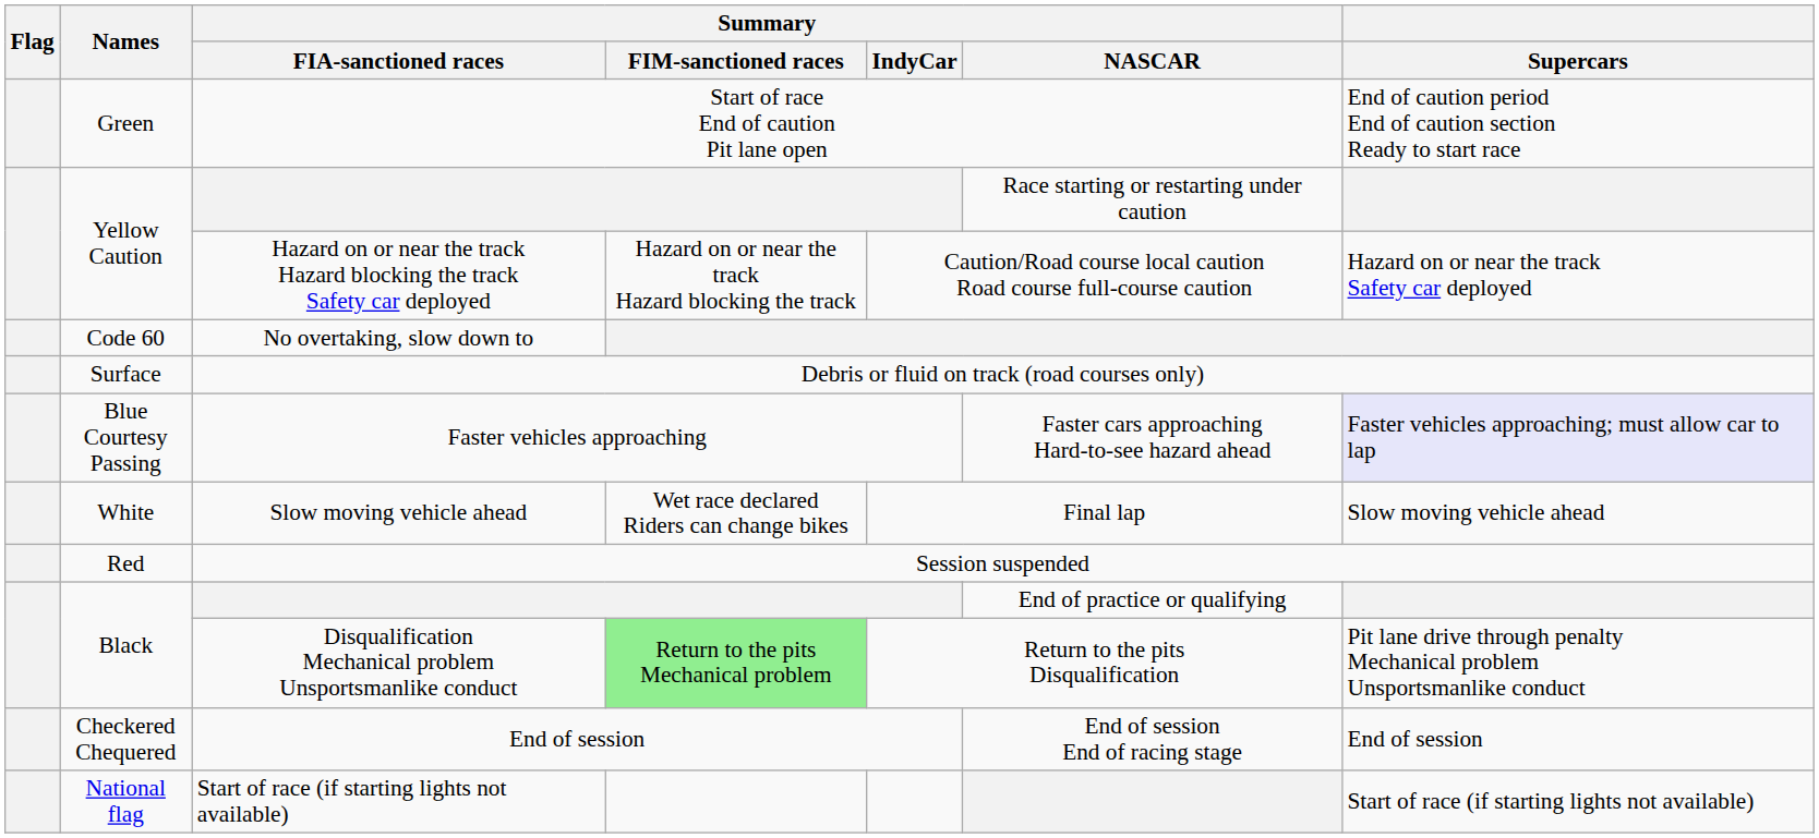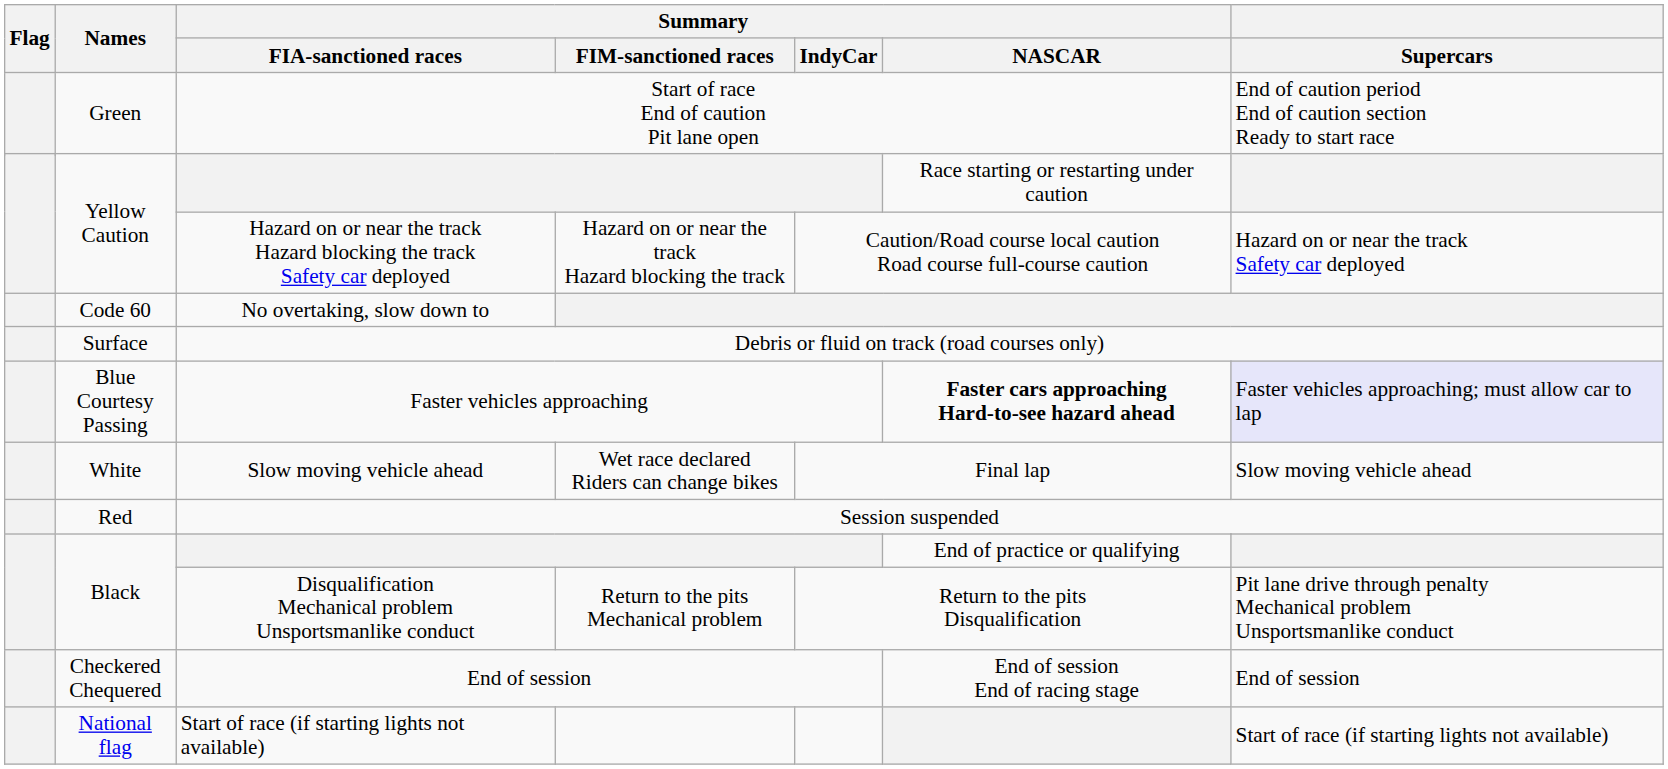 <table class="wikitable">
 <tr>
 <th rowspan=2>Flag</th>
 <th rowspan=2>Names</th>
 <th colspan=4>Summary</th>
 <th></th>
 </tr>
 <tr>
 <th>FIA-sanctioned races</th>
 <th>FIM-sanctioned races</th>
 <th>IndyCar</th>
 <th>NASCAR</th>
 <th>Supercars</th>
 </tr>
 <tr>
 <th style="text-align: center;" rowspan=2></th>
 <td style="text-align: center;" rowspan=2>Green</td>
 <td style="text-align: center;" colspan=4>Start of race<br>End of caution<br>Pit lane open</td>
 <td>End of caution period<br>End of caution section<br>Ready to start race</td>
 </tr>
 <tr>
 <th rowspan=2 colspan=3></th>
 <td rowspan=2 style="text-align:center;">Race starting or restarting under caution  </td>
 <th rowspan="2"></th>
 </tr>
 <tr>
 <th style="text-align: center;" rowspan=2></th>
 <td style="text-align: center;" rowspan=2>Yellow<br>Caution</td>
 </tr>
 <tr>
 <td style="text-align: center;">Hazard on or near the track <br>Hazard blocking the track  <br><a href='#'>Safety car</a> deployed  </td>
 <td style="text-align: center;">Hazard on or near the track <br>Hazard blocking the track  </td>
 <td style="text-align: center;" colspan=2>Caution/Road course local caution <br>Road course full-course caution  </td>
 <td>Hazard on or near the track <br><a href='#'>Safety car</a> deployed  </td>
 </tr>
 <tr>
 <th style="text-align: center;"></th>
 <td style="text-align: center;">Code 60</td>
 <td style="text-align: center;">No overtaking, slow down to </td>
 <th colspan="4"></th>
 </tr>
 <tr>
 <th style="text-align: center;"></th>
 <td style="text-align: center;">Surface</td>
 <td colspan="5" style="text-align: center;">Debris or fluid on track (road courses only)</td>
 </tr>
 <tr>
 <th style="text-align: center;"></th>
 <td style="text-align: center;">Blue<br>Courtesy<br>Passing</td>
 <td style="text-align: center;" colspan=3>Faster vehicles approaching </td>
-<td style="text-align: center;">Faster cars approaching <br>Hard-to-see hazard ahead </td>
+<td style="text-align: center;"><strong>Faster cars approaching <br>Hard-to-see hazard ahead </strong></td>
 <td style="background: lavender;">Faster vehicles approaching; must allow car to lap</td>
 </tr>
 <tr>
 <th style="text-align: center;"></th>
 <td style="text-align: center;">White</td>
 <td style="text-align: center;">Slow moving vehicle ahead</td>
 <td style="text-align: center;">Wet race declared<br>Riders can change bikes</td>
 <td style="text-align: center;" colspan=2>Final lap</td>
 <td>Slow moving vehicle ahead</td>
 </tr>
 <tr>
 <th style="text-align: center;" rowspan=2></th>
 <td style="text-align: center;" rowspan=2>Red</td>
 <td colspan="5" style="text-align: center;">Session suspended</td>
 </tr>
 <tr>
 <th rowspan=2 colspan=3></th>
 <td rowspan=2 style="text-align: center;">End of practice or qualifying  </td>
 <th rowspan="2"></th>
 </tr>
 <tr>
 <th style="text-align: center;" rowspan=2></th>
 <td style="text-align: center;" rowspan=2>Black</td>
 </tr>
 <tr>
 <td style="text-align: center;">Disqualification <br>Mechanical problem <br>Unsportsmanlike conduct </td>
-<td style="background: lightgreen; text-align: center;">Return to the pits <br>Mechanical problem </td>
+<td style="text-align: center;">Return to the pits <br>Mechanical problem </td>
 <td style="text-align: center;" colspan=2>Return to the pits <br>Disqualification </td>
 <td>Pit lane drive through penalty <br>Mechanical problem <br>Unsportsmanlike conduct </td>
 </tr>
 <tr>
 <th style="text-align: center;"></th>
 <td style="text-align: center;">Checkered<br>Chequered</td>
 <td style="text-align: center;" colspan=3>End of session</td>
 <td style="text-align: center;">End of session <br>End of racing stage </td>
 <td>End of session</td>
 </tr>
 <tr>
 <th style="text-align: center;"></th>
 <td style="text-align: center;"><a href='#'>National flag</a></td>
 <td>Start of race (if starting lights not available)</td>
 <td></td>
 <td></td>
 <th></th>
 <td>Start of race (if starting lights not available)</td>
 </tr>
 </table>
